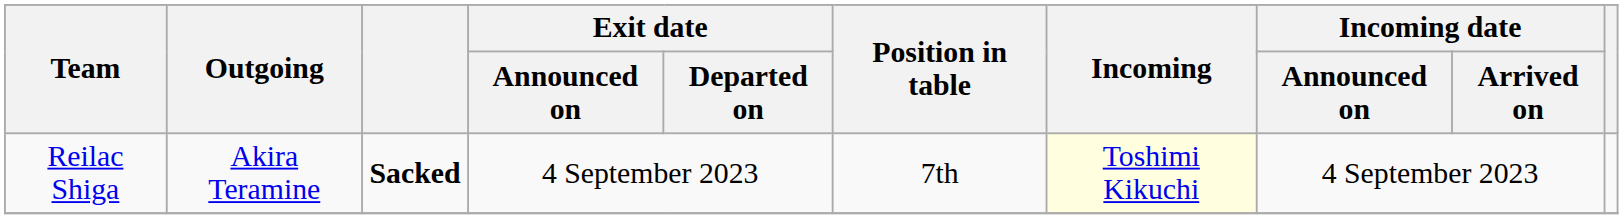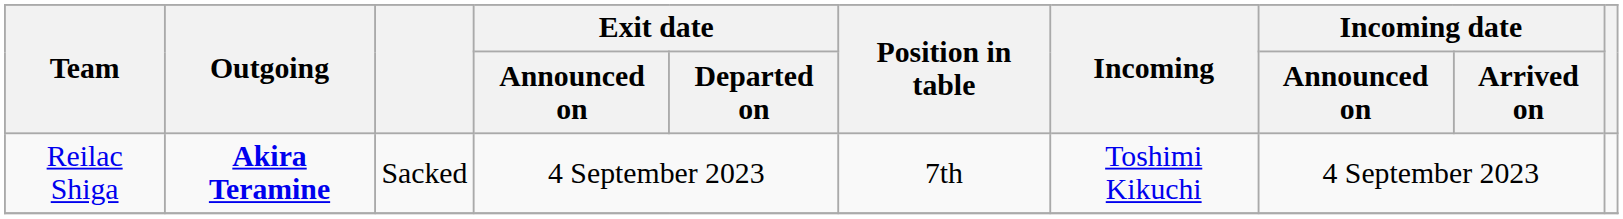 <table class="wikitable" style="text-align:center">
 <tr>
 <th rowspan="2">Team</th>
 <th rowspan="2">Outgoing</th>
 <th rowspan="2"></th>
 <th colspan="2">Exit date</th>
 <th rowspan="2">Position in table</th>
 <th rowspan="2">Incoming</th>
 <th colspan="2">Incoming date</th>
 <th rowspan="2"></th>
 </tr>
 <tr>
 <th>Announced on</th>
 <th>Departed on</th>
 <th>Announced on</th>
 <th>Arrived on</th>
 </tr>
 <tr>
 <td><a href='#'>Reilac Shiga</a></td>
-<td><a href='#'>Akira Teramine</a></td>
-<td><strong>Sacked</strong></td>
+<td><strong><a href='#'>Akira Teramine</a></strong></td>
+<td>Sacked</td>
 <td colspan="2">4 September 2023</td>
 <td>7th</td>
-<td style="background: lightyellow;"><a href='#'>Toshimi Kikuchi</a></td>
+<td><a href='#'>Toshimi Kikuchi</a></td>
 <td colspan="2">4 September 2023</td>
 <td></td>
 </tr>
 <tr>
 </tr>
 </table>
